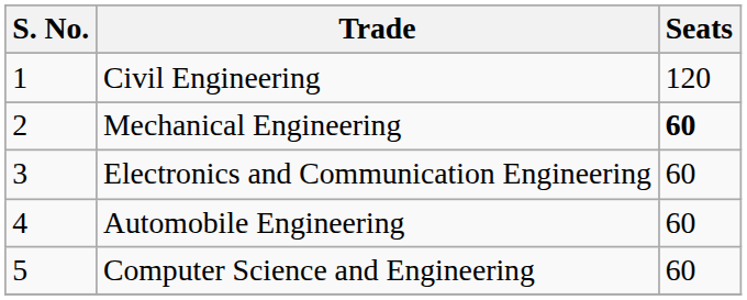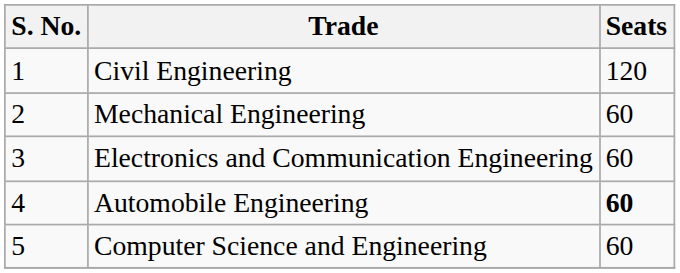 <table class="wikitable sortable">
 <tr>
 <th>S. No.</th>
 <th>Trade</th>
 <th>Seats</th>
 </tr>
 <tr>
 <td>1</td>
 <td>Civil Engineering</td>
 <td>120</td>
 </tr>
 <tr>
 <td>2</td>
 <td>Mechanical Engineering</td>
-<td><strong>60</strong></td>
+<td>60</td>
 </tr>
 <tr>
 <td>3</td>
 <td>Electronics and Communication Engineering</td>
 <td>60</td>
 </tr>
 <tr>
 <td>4</td>
 <td>Automobile Engineering</td>
-<td>60</td>
+<td><strong>60</strong></td>
 </tr>
 <tr>
 <td>5</td>
 <td>Computer Science and Engineering</td>
 <td>60</td>
 </tr>
 <tr>
 </tr>
 </table>
